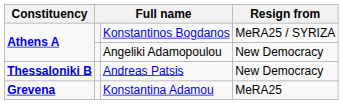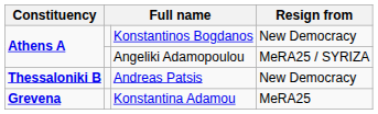 <table class="wikitable sortable">
 <tr>
 <th>Constituency</th>
 <th colspan="2">Full name</th>
 <th>Resign from</th>
 </tr>
 <tr>
 <td rowspan="2"><strong><a href='#'>Athens A</a></strong></td>
 <td></td>
 <td><a href='#'>Konstantinos Bogdanos</a></td>
-<td>MeRA25 / SYRIZA</td>
+<td>New Democracy</td>
 </tr>
 <tr>
 <td></td>
 <td>Angeliki Adamopoulou</td>
-<td>New Democracy</td>
+<td>MeRA25 / SYRIZA</td>
 </tr>
 <tr>
 <td><strong><a href='#'>Thessaloniki B</a></strong></td>
 <td></td>
 <td><a href='#'>Andreas Patsis</a></td>
 <td>New Democracy</td>
 </tr>
 <tr>
 <td><strong><a href='#'>Grevena</a></strong></td>
 <td></td>
 <td><a href='#'>Konstantina Adamou</a></td>
 <td>MeRA25</td>
 </tr>
 </table>
